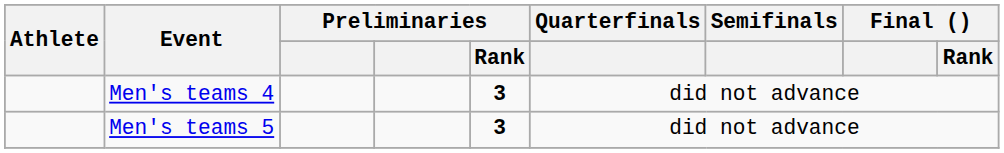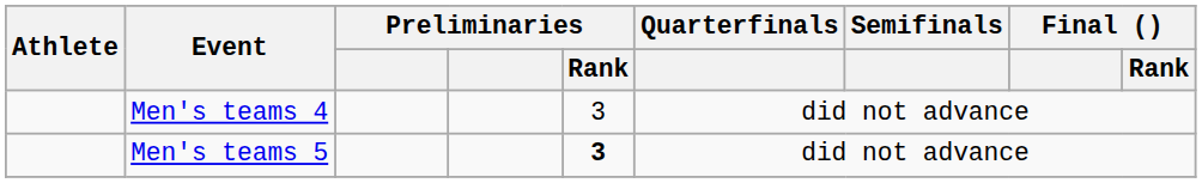 <table class=wikitable style="font-size:90%">
 <tr>
 <th rowspan="2">Athlete</th>
 <th rowspan="2">Event</th>
 <th colspan="3">Preliminaries</th>
 <th>Quarterfinals</th>
 <th>Semifinals</th>
 <th colspan="2">Final ()</th>
 </tr>
 <tr>
 <th style="width:4em; line-height:1.5em;"></th>
 <th style="width:4em; line-height:1.5em;"></th>
 <th>Rank</th>
 <th style="width:4em; line-height:1.5em;"></th>
 <th style="width:4em; line-height:1.5em;"></th>
 <th style="width:4em; line-height:1.5em;"></th>
 <th>Rank</th>
 </tr>
 <tr>
 <td></td>
 <td><a href='#'>Men's teams 4</a></td>
 <td align="center"> </td>
 <td align="center"> </td>
-<td align="center"><strong>3</strong></td>
+<td align="center">3</td>
 <td align="center" colspan="4">did not advance</td>
 </tr>
 <tr>
 <td></td>
 <td><a href='#'>Men's teams 5</a></td>
 <td align="center"> </td>
 <td align="center"> </td>
 <td align="center"><strong>3</strong></td>
 <td align="center" colspan="4">did not advance</td>
 </tr>
 </table>
